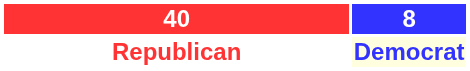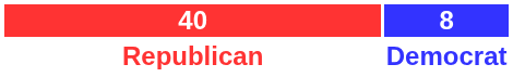 <table style="width:50%">
 <tr>
 <td scope="row" colspan="3" style="text-align:center"></td>
 </tr>
 <tr>
 <td scope="row" style="background:#F33; width:81%; text-align:center; color:white"><strong>40</strong></td>
 <td style="background:#33F; width:19%; text-align:center; color:white"><strong>8</strong></td>
 </tr>
 <tr>
 <td scope="row" style="text-align:center; color:#F33"><strong>Republican</strong></td>
-<td style="background: lightyellow; text-align:center; color:#33F"><strong>Democrat</strong></td>
+<td style="text-align:center; color:#33F"><strong>Democrat</strong></td>
 </tr>
 </table>
